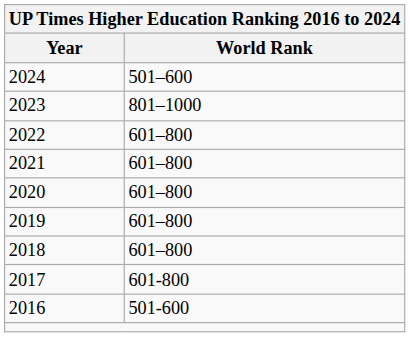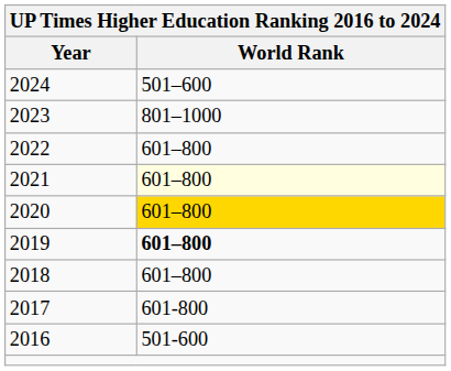 <table class="wikitable">
 <tr>
 <th colspan="2"><strong>UP Times Higher Education Ranking 2016 to 2024</strong></th>
 </tr>
 <tr>
 <th>Year</th>
 <th>World Rank</th>
 </tr>
 <tr>
 <td>2024</td>
 <td>501–600</td>
 </tr>
 <tr>
 <td>2023</td>
 <td>801–1000</td>
 </tr>
 <tr>
 <td>2022</td>
 <td>601–800</td>
 </tr>
 <tr>
 <td>2021</td>
-<td>601–800</td>
+<td style="background: lightyellow;">601–800</td>
 </tr>
 <tr>
 <td>2020</td>
-<td>601–800</td>
+<td style="background: gold;">601–800</td>
 </tr>
 <tr>
 <td>2019</td>
-<td>601–800</td>
+<td><strong>601–800</strong></td>
 </tr>
 <tr>
 <td>2018</td>
 <td>601–800</td>
 </tr>
 <tr>
 <td>2017</td>
 <td>601-800</td>
 </tr>
 <tr>
 <td>2016</td>
 <td>501-600</td>
 </tr>
 <tr>
 <td colspan="2"></td>
 </tr>
 </table>
